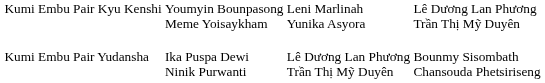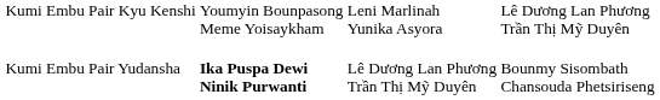 <table>
 <tr>
 <td>Kumi Embu Pair Kyu Kenshi</td>
 <td nowrap><br>Youmyin Bounpasong<br>Meme Yoisaykham</td>
 <td><br>Leni Marlinah<br>Yunika Asyora</td>
 <td><br>Lê Dương Lan Phương<br>Trần Thị Mỹ Duyên</td>
 </tr>
 <tr>
 <td>Kumi Embu Pair Yudansha</td>
-<td><br>Ika Puspa Dewi<br>Ninik Purwanti</td>
+<td><strong><br>Ika Puspa Dewi<br>Ninik Purwanti</strong></td>
 <td nowrap><br>Lê Dương Lan Phương<br>Trần Thị Mỹ Duyên</td>
 <td nowrap><br>Bounmy Sisombath<br>Chansouda Phetsiriseng</td>
 </tr>
 </table>
